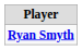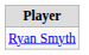 <table class="wikitable">
 <tr style="text-align:center; background:#ddd;">
 <td><strong>Player</strong></td>
 </tr>
 <tr>
-<td><strong><a href='#'>Ryan Smyth</a></strong></td>
+<td><a href='#'>Ryan Smyth</a></td>
 </tr>
 </table>
